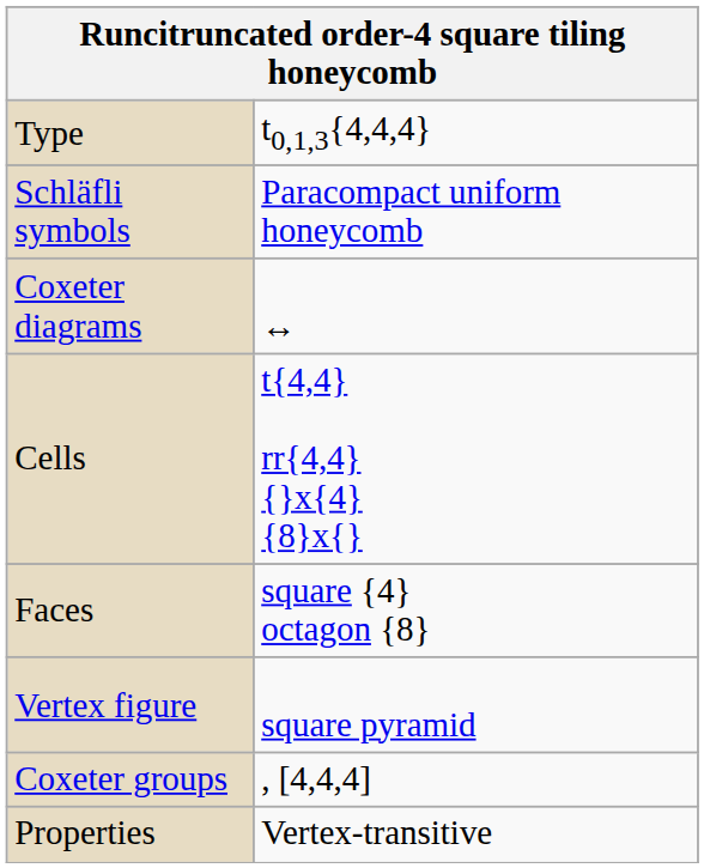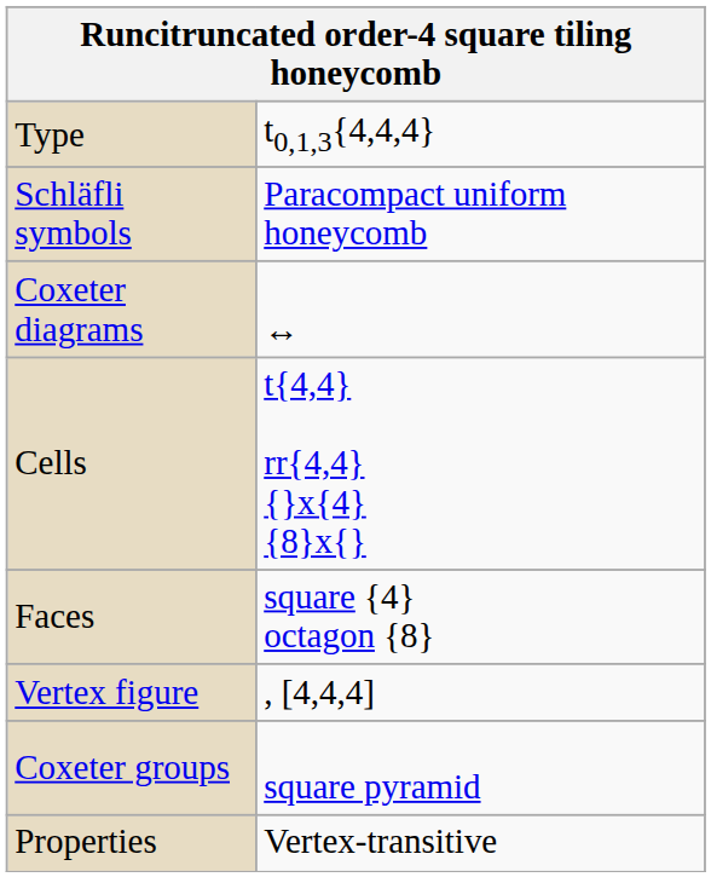 <table class="wikitable" align="right" style="margin-left:10px" width="320">
 <tr>
 <th bgcolor=#e7dcc3 colspan=2>Runcitruncated order-4 square tiling honeycomb</th>
 </tr>
 <tr>
 <td bgcolor=#e7dcc3>Type</td>
 <td>t<sub>0,1,3</sub>{4,4,4}</td>
 </tr>
 <tr>
 <td bgcolor=#e7dcc3><a href='#'>Schläfli symbols</a></td>
 <td><a href='#'>Paracompact uniform honeycomb</a></td>
 </tr>
 <tr>
 <td bgcolor=#e7dcc3><a href='#'>Coxeter diagrams</a></td>
 <td><br> ↔ </td>
 </tr>
 <tr>
 <td bgcolor=#e7dcc3>Cells</td>
 <td><a href='#'>t{4,4}</a> <br><br><a href='#'>rr{4,4}</a> <br> <a href='#'>{}x{4}</a> <br><a href='#'>{8}x{}</a> </td>
 </tr>
 <tr>
 <td bgcolor=#e7dcc3>Faces</td>
 <td><a href='#'>square</a> {4}<br><a href='#'>octagon</a> {8}</td>
 </tr>
 <tr>
 <td bgcolor=#e7dcc3><a href='#'>Vertex figure</a></td>
-<td><br><a href='#'>square pyramid</a></td>
+<td>, [4,4,4]</td>
 </tr>
 <tr>
 <td bgcolor=#e7dcc3><a href='#'>Coxeter groups</a></td>
-<td>, [4,4,4]</td>
+<td><br><a href='#'>square pyramid</a></td>
 </tr>
 <tr>
 <td bgcolor=#e7dcc3>Properties</td>
 <td>Vertex-transitive</td>
 </tr>
 </table>
